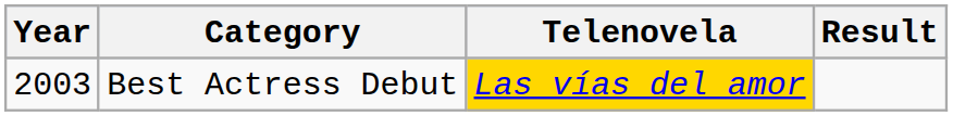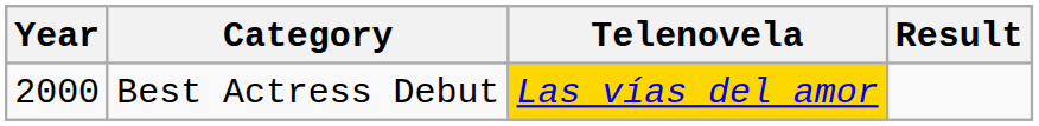 <table class="wikitable">
 <tr style="background:#b0c4de;">
 <th>Year</th>
 <th>Category</th>
 <th>Telenovela</th>
 <th>Result</th>
 </tr>
 <tr>
-<td>2003</td>
+<td>2000</td>
 <td>Best Actress Debut</td>
 <td style="background: gold;"><em><a href='#'>Las vías del amor</a></em></td>
 <td></td>
 </tr>
 </table>
